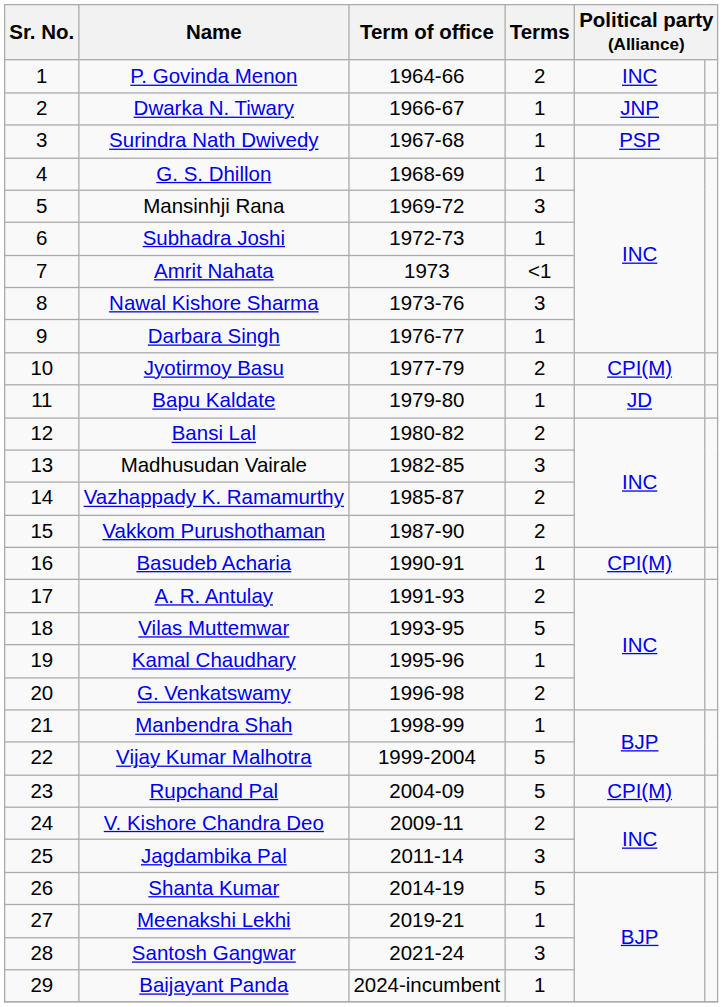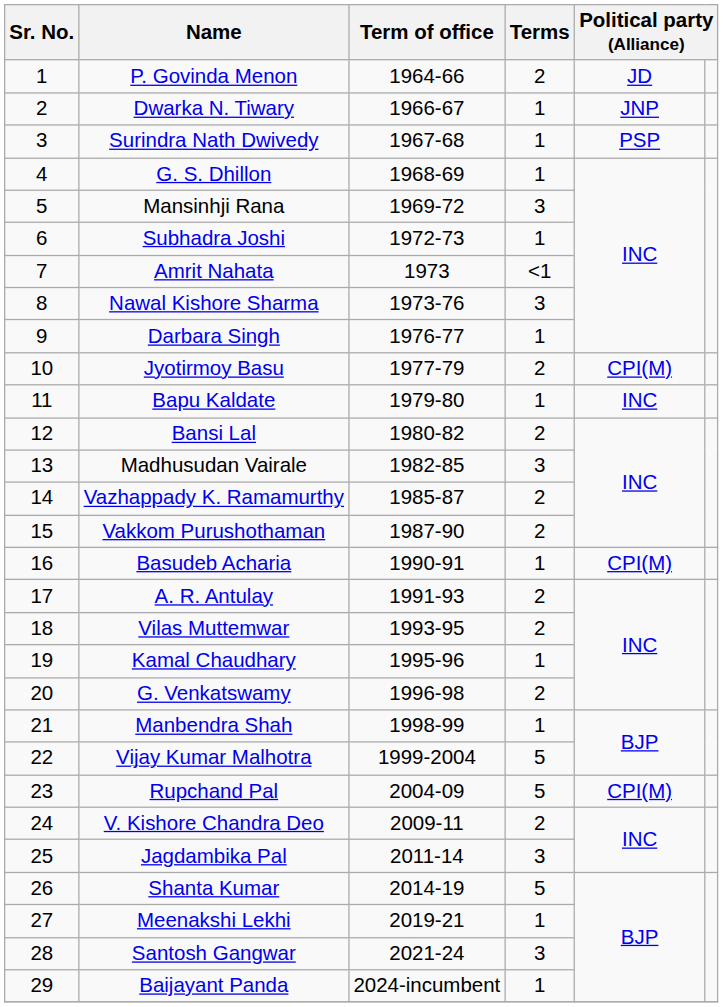 <table class="wikitable sortable">
 <tr>
 <th>Sr. No.</th>
 <th>Name</th>
 <th>Term of office</th>
 <th>Terms</th>
 <th colspan="2">Political party<br><small>(Alliance)</small></th>
 </tr>
 <tr align="center">
 <td>1</td>
 <td><a href='#'>P. Govinda Menon</a></td>
 <td>1964-66</td>
 <td>2</td>
-<td><a href='#'>INC</a></td>
+<td><a href='#'>JD</a></td>
 <td></td>
 </tr>
 <tr align="center">
 <td>2</td>
 <td><a href='#'>Dwarka N. Tiwary</a></td>
 <td>1966-67</td>
 <td>1</td>
 <td><a href='#'>JNP</a></td>
 <td></td>
 </tr>
 <tr align="center">
 <td>3</td>
 <td><a href='#'>Surindra Nath Dwivedy</a></td>
 <td>1967-68</td>
 <td>1</td>
 <td><a href='#'>PSP</a></td>
 <td></td>
 </tr>
 <tr align="center">
 <td>4</td>
 <td><a href='#'>G. S. Dhillon</a></td>
 <td>1968-69</td>
 <td>1</td>
 <td rowspan="6"><a href='#'>INC</a></td>
 <td rowspan="6" width="px"></td>
 </tr>
 <tr align="center">
 <td>5</td>
 <td>Mansinhji Rana</td>
 <td>1969-72</td>
 <td>3</td>
 </tr>
 <tr align="center">
 <td>6</td>
 <td><a href='#'>Subhadra Joshi</a></td>
 <td>1972-73</td>
 <td>1</td>
 </tr>
 <tr align="center">
 <td>7</td>
 <td><a href='#'>Amrit Nahata</a></td>
 <td>1973</td>
 <td><1</td>
 </tr>
 <tr align="center">
 <td>8</td>
 <td><a href='#'>Nawal Kishore Sharma</a></td>
 <td>1973-76</td>
 <td>3</td>
 </tr>
 <tr align="center">
 <td>9</td>
 <td><a href='#'>Darbara Singh</a></td>
 <td>1976-77</td>
 <td>1</td>
 </tr>
 <tr align="center">
 <td>10</td>
 <td><a href='#'>Jyotirmoy Basu</a></td>
 <td>1977-79</td>
 <td>2</td>
 <td><a href='#'>CPI(M)</a></td>
 <td></td>
 </tr>
 <tr align="center">
 <td>11</td>
 <td><a href='#'>Bapu Kaldate</a></td>
 <td>1979-80</td>
 <td>1</td>
-<td><a href='#'>JD</a></td>
+<td><a href='#'>INC</a></td>
 <td></td>
 </tr>
 <tr align="center">
 <td>12</td>
 <td><a href='#'>Bansi Lal</a></td>
 <td>1980-82</td>
 <td>2</td>
 <td rowspan="4"><a href='#'>INC</a></td>
 <td rowspan="4" width="px"></td>
 </tr>
 <tr align="center">
 <td>13</td>
 <td>Madhusudan Vairale</td>
 <td>1982-85</td>
 <td>3</td>
 </tr>
 <tr align="center">
 <td>14</td>
 <td><a href='#'>Vazhappady K. Ramamurthy</a></td>
 <td>1985-87</td>
 <td>2</td>
 </tr>
 <tr align="center">
 <td>15</td>
 <td><a href='#'>Vakkom Purushothaman</a></td>
 <td>1987-90</td>
 <td>2</td>
 </tr>
 <tr align="center">
 <td>16</td>
 <td><a href='#'>Basudeb Acharia</a></td>
 <td>1990-91</td>
 <td>1</td>
 <td rowspan="1"><a href='#'>CPI(M)</a></td>
 <td></td>
 </tr>
 <tr align="center">
 <td>17</td>
 <td><a href='#'>A. R. Antulay</a></td>
 <td>1991-93</td>
 <td>2</td>
 <td rowspan="4"><a href='#'>INC</a></td>
 <td rowspan="4" width="px"></td>
 </tr>
 <tr align="center">
 <td>18</td>
 <td><a href='#'>Vilas Muttemwar</a></td>
 <td>1993-95</td>
-<td>5</td>
+<td>2</td>
 </tr>
 <tr align="center">
 <td>19</td>
 <td><a href='#'>Kamal Chaudhary</a></td>
 <td>1995-96</td>
 <td>1</td>
 </tr>
 <tr align="center">
 <td>20</td>
 <td><a href='#'>G. Venkatswamy</a></td>
 <td>1996-98</td>
 <td>2</td>
 </tr>
 <tr align="center">
 <td>21</td>
 <td><a href='#'>Manbendra Shah</a></td>
 <td>1998-99</td>
 <td>1</td>
 <td rowspan="2"><a href='#'>BJP</a></td>
 <td rowspan="2" width="px"></td>
 </tr>
 <tr align="center">
 <td>22</td>
 <td><a href='#'>Vijay Kumar Malhotra</a></td>
 <td>1999-2004</td>
 <td>5</td>
 </tr>
 <tr align="center">
 <td>23</td>
 <td><a href='#'>Rupchand Pal</a></td>
 <td>2004-09</td>
 <td>5</td>
 <td rowspan="1"><a href='#'>CPI(M)</a></td>
 <td width="3px"></td>
 </tr>
 <tr align="center">
 <td>24</td>
 <td><a href='#'>V. Kishore Chandra Deo</a></td>
 <td>2009-11</td>
 <td>2</td>
 <td rowspan="2"><a href='#'>INC</a></td>
 <td rowspan="2"></td>
 </tr>
 <tr align="center">
 <td>25</td>
 <td><a href='#'>Jagdambika Pal</a></td>
 <td>2011-14</td>
 <td>3</td>
 </tr>
 <tr align="center">
 <td>26</td>
 <td><a href='#'>Shanta Kumar</a></td>
 <td>2014-19</td>
 <td>5</td>
 <td rowspan="4"><a href='#'>BJP</a></td>
 <td rowspan="4" width="px"></td>
 </tr>
 <tr align="center">
 <td>27</td>
 <td><a href='#'>Meenakshi Lekhi</a></td>
 <td>2019-21</td>
 <td>1</td>
 </tr>
 <tr align="center">
 <td>28</td>
 <td><a href='#'>Santosh Gangwar</a></td>
 <td>2021-24</td>
 <td>3</td>
 </tr>
 <tr align="center">
 <td>29</td>
 <td><a href='#'>Baijayant Panda</a></td>
 <td>2024-incumbent</td>
 <td>1</td>
 </tr>
 <tr align="center">
 </tr>
 </table>
